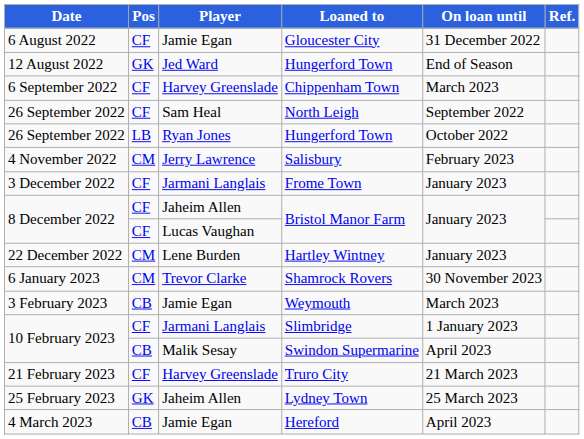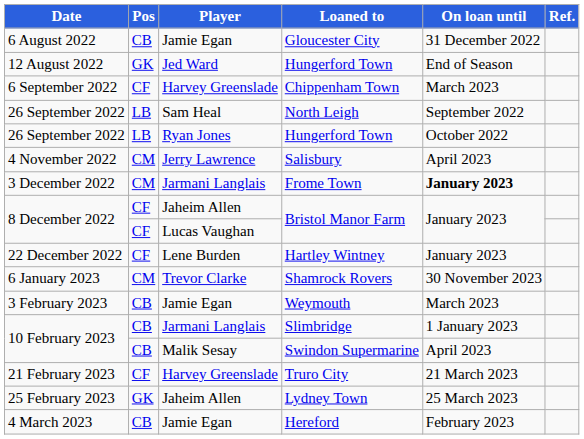 <table class="wikitable plainrowheaders sortable">
 <tr>
 <th style="background:#2B60DE; color:#FFFFFF; ">Date</th>
 <th style="background:#2B60DE; color:#FFFFFF; ">Pos</th>
 <th style="background:#2B60DE; color:#FFFFFF; ">Player</th>
 <th style="background:#2B60DE; color:#FFFFFF; ">Loaned to</th>
 <th style="background:#2B60DE; color:#FFFFFF; ">On loan until</th>
 <th style="background:#2B60DE; color:#FFFFFF; ">Ref.</th>
 </tr>
 <tr>
 <td>6 August 2022</td>
-<td><a href='#'>CF</a></td>
+<td><a href='#'>CB</a></td>
 <td> Jamie Egan</td>
 <td> <a href='#'>Gloucester City</a></td>
 <td>31 December 2022</td>
 <td></td>
 </tr>
 <tr>
 <td>12 August 2022</td>
 <td><a href='#'>GK</a></td>
 <td> <a href='#'>Jed Ward</a></td>
 <td> <a href='#'>Hungerford Town</a></td>
 <td>End of Season</td>
 <td></td>
 </tr>
 <tr>
 <td>6 September 2022</td>
 <td><a href='#'>CF</a></td>
 <td> <a href='#'>Harvey Greenslade</a></td>
 <td> <a href='#'>Chippenham Town</a></td>
 <td>March 2023</td>
 <td></td>
 </tr>
 <tr>
 <td>26 September 2022</td>
-<td><a href='#'>CF</a></td>
+<td><a href='#'>LB</a></td>
 <td> Sam Heal</td>
 <td> <a href='#'>North Leigh</a></td>
 <td>September 2022</td>
 <td></td>
 </tr>
 <tr>
 <td>26 September 2022</td>
 <td><a href='#'>LB</a></td>
 <td> <a href='#'>Ryan Jones</a></td>
 <td> <a href='#'>Hungerford Town</a></td>
 <td>October 2022</td>
 <td></td>
 </tr>
 <tr>
 <td>4 November 2022</td>
 <td><a href='#'>CM</a></td>
 <td> <a href='#'>Jerry Lawrence</a></td>
 <td> <a href='#'>Salisbury</a></td>
-<td>February 2023</td>
+<td>April 2023</td>
 <td></td>
 </tr>
 <tr>
 <td>3 December 2022</td>
-<td><a href='#'>CF</a></td>
+<td><a href='#'>CM</a></td>
 <td> <a href='#'>Jarmani Langlais</a></td>
 <td> <a href='#'>Frome Town</a></td>
-<td>January 2023</td>
+<td><strong>January 2023</strong></td>
 <td></td>
 </tr>
 <tr>
 <td rowspan="2">8 December 2022</td>
 <td><a href='#'>CF</a></td>
 <td> Jaheim Allen</td>
 <td rowspan="2"> <a href='#'>Bristol Manor Farm</a></td>
 <td rowspan="2">January 2023</td>
 <td></td>
 </tr>
 <tr>
 <td><a href='#'>CF</a></td>
 <td> Lucas Vaughan</td>
 <td></td>
 </tr>
 <tr>
 <td>22 December 2022</td>
-<td><a href='#'>CM</a></td>
+<td><a href='#'>CF</a></td>
 <td> Lene Burden</td>
 <td> <a href='#'>Hartley Wintney</a></td>
 <td>January 2023</td>
 <td></td>
 </tr>
 <tr>
 <td>6 January 2023</td>
 <td><a href='#'>CM</a></td>
 <td> <a href='#'>Trevor Clarke</a></td>
 <td> <a href='#'>Shamrock Rovers</a></td>
 <td>30 November 2023</td>
 <td></td>
 </tr>
 <tr>
 <td>3 February 2023</td>
 <td><a href='#'>CB</a></td>
 <td> Jamie Egan</td>
 <td> <a href='#'>Weymouth</a></td>
 <td>March 2023</td>
 <td></td>
 </tr>
 <tr>
 <td rowspan="2">10 February 2023</td>
-<td><a href='#'>CF</a></td>
+<td><a href='#'>CB</a></td>
 <td> <a href='#'>Jarmani Langlais</a></td>
 <td> <a href='#'>Slimbridge</a></td>
 <td>1 January 2023</td>
 <td></td>
 </tr>
 <tr>
 <td><a href='#'>CB</a></td>
 <td> Malik Sesay</td>
 <td> <a href='#'>Swindon Supermarine</a></td>
 <td>April 2023</td>
 <td></td>
 </tr>
 <tr>
 <td>21 February 2023</td>
 <td><a href='#'>CF</a></td>
 <td> <a href='#'>Harvey Greenslade</a></td>
 <td> <a href='#'>Truro City</a></td>
 <td>21 March 2023</td>
 <td></td>
 </tr>
 <tr>
 <td>25 February 2023</td>
 <td><a href='#'>GK</a></td>
 <td> Jaheim Allen</td>
 <td> <a href='#'>Lydney Town</a></td>
 <td>25 March 2023</td>
 <td></td>
 </tr>
 <tr>
 <td>4 March 2023</td>
 <td><a href='#'>CB</a></td>
 <td> Jamie Egan</td>
 <td> <a href='#'>Hereford</a></td>
-<td>April 2023</td>
+<td>February 2023</td>
 <td></td>
 </tr>
 </table>
